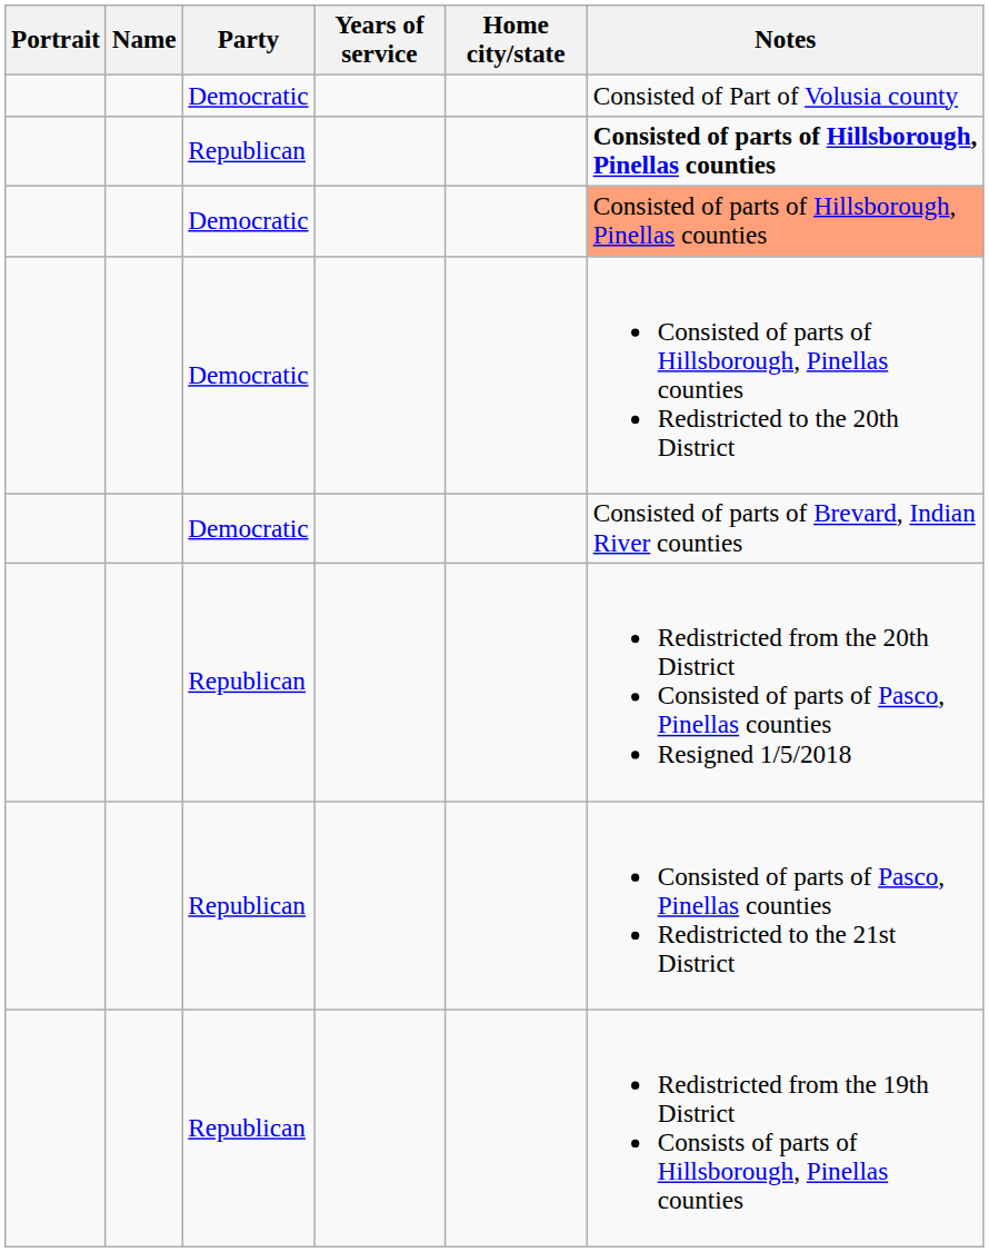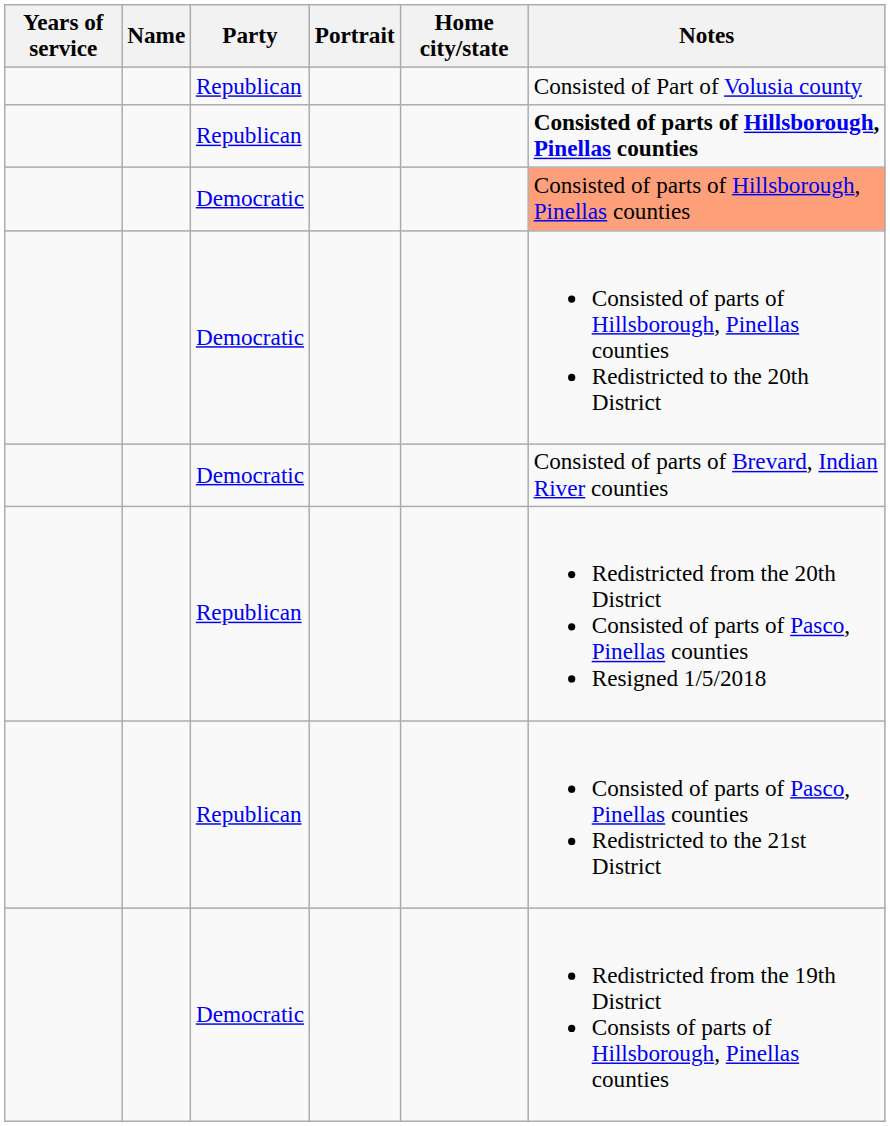 <table class="wikitable sortable">
 <tr>
-<th>Portrait</th>
+<th>Years of service</th>
 <th>Name</th>
 <th>Party</th>
-<th>Years of service</th>
+<th>Portrait</th>
 <th>Home city/state</th>
 <th>Notes</th>
 </tr>
 <tr>
 <td></td>
 <td></td>
-<td><a href='#'>Democratic</a></td>
+<td><a href='#'>Republican</a></td>
 <td></td>
 <td></td>
 <td>Consisted of Part of <a href='#'>Volusia county</a></td>
 </tr>
 <tr>
 <td></td>
 <td></td>
 <td><a href='#'>Republican</a></td>
 <td></td>
 <td></td>
 <td><strong>Consisted of parts of <a href='#'>Hillsborough</a>, <a href='#'>Pinellas</a> counties</strong></td>
 </tr>
 <tr>
 <td></td>
 <td></td>
 <td><a href='#'>Democratic</a></td>
 <td></td>
 <td></td>
 <td style="background: lightsalmon;">Consisted of parts of <a href='#'>Hillsborough</a>, <a href='#'>Pinellas</a> counties</td>
 </tr>
 <tr>
 <td></td>
 <td></td>
 <td><a href='#'>Democratic</a></td>
 <td></td>
 <td></td>
 <td><br><ul><li>Consisted of parts of <a href='#'>Hillsborough</a>, <a href='#'>Pinellas</a> counties</li><li>Redistricted to the 20th District</li></ul></td>
 </tr>
 <tr>
 <td></td>
 <td></td>
 <td><a href='#'>Democratic</a></td>
 <td></td>
 <td></td>
 <td>Consisted of parts of <a href='#'>Brevard</a>, <a href='#'>Indian River</a> counties</td>
 </tr>
 <tr>
 <td></td>
 <td></td>
 <td><a href='#'>Republican</a></td>
 <td></td>
 <td></td>
 <td><br><ul><li>Redistricted from the 20th District</li><li>Consisted of parts of <a href='#'>Pasco</a>, <a href='#'>Pinellas</a> counties</li><li>Resigned 1/5/2018</li></ul></td>
 </tr>
 <tr>
 <td></td>
 <td></td>
 <td><a href='#'>Republican</a></td>
 <td></td>
 <td></td>
 <td><br><ul><li>Consisted of parts of <a href='#'>Pasco</a>, <a href='#'>Pinellas</a> counties</li><li>Redistricted to the 21st District</li></ul></td>
 </tr>
 <tr>
 <td></td>
 <td></td>
-<td><a href='#'>Republican</a></td>
+<td><a href='#'>Democratic</a></td>
 <td></td>
 <td></td>
 <td><br><ul><li>Redistricted from the 19th District</li><li>Consists of parts of <a href='#'>Hillsborough</a>, <a href='#'>Pinellas</a> counties</li></ul></td>
 </tr>
 </table>
